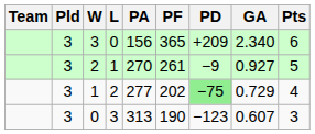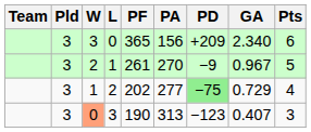 <table class="wikitable" style="text-align: center">
 <tr>
 <th>Team</th>
 <th>Pld</th>
 <th>W</th>
 <th>L</th>
+<th>PF</th>
 <th>PA</th>
-<th>PF</th>
 <th>PD</th>
 <th>GA</th>
 <th>Pts</th>
 </tr>
 <tr bgcolor="#ccffcc">
 <td align=left></td>
 <td>3</td>
 <td>3</td>
 <td>0</td>
+<td>365</td>
 <td>156</td>
-<td>365</td>
 <td>+209</td>
 <td>2.340</td>
 <td>6</td>
 </tr>
 <tr bgcolor="#ccffcc">
 <td align=left></td>
 <td>3</td>
 <td>2</td>
 <td>1</td>
+<td>261</td>
 <td>270</td>
-<td>261</td>
 <td>−9</td>
-<td>0.927</td>
+<td>0.967</td>
 <td>5</td>
 </tr>
 <tr>
 <td align=left></td>
 <td>3</td>
 <td>1</td>
 <td>2</td>
+<td>202</td>
 <td>277</td>
-<td>202</td>
 <td style="background: lightgreen;">−75</td>
 <td>0.729</td>
 <td>4</td>
 </tr>
 <tr>
 <td align=left></td>
 <td>3</td>
-<td>0</td>
+<td style="background: lightsalmon;">0</td>
 <td>3</td>
+<td>190</td>
 <td>313</td>
-<td>190</td>
 <td>−123</td>
-<td>0.607</td>
+<td>0.407</td>
 <td>3</td>
 </tr>
 </table>
